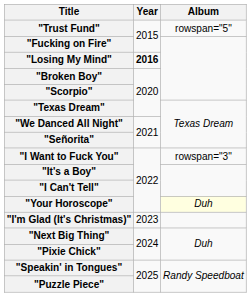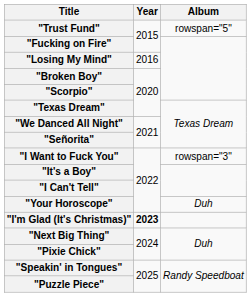 <table class="wikitable plainrowheaders" style="text-align:center;">
 <tr>
 <th scope="col">Title</th>
 <th scope="col">Year</th>
 <th scope="col">Album</th>
 </tr>
 <tr>
 <th scope="row">"Trust Fund"</th>
 <td rowspan="2">2015</td>
 <td>rowspan="5" </td>
 </tr>
 <tr>
 <th scope="row">"Fucking on Fire"</th>
 </tr>
 <tr>
 <th scope="row">"Losing My Mind"</th>
-<td><strong>2016</strong></td>
+<td>2016</td>
 </tr>
 <tr>
 <th scope="row">"Broken Boy"</th>
 <td rowspan="3">2020</td>
 </tr>
 <tr>
 <th scope="row">"Scorpio"</th>
 </tr>
 <tr>
 <th scope="row">"Texas Dream"</th>
 <td rowspan="3"><em>Texas Dream</em></td>
 </tr>
 <tr>
 <th scope="row">"We Danced All Night"</th>
 <td rowspan="2">2021</td>
 </tr>
 <tr>
 <th scope="row">"Señorita"</th>
 </tr>
 <tr>
 <th scope="row">"I Want to Fuck You"</th>
 <td rowspan="4">2022</td>
 <td>rowspan="3" </td>
 </tr>
 <tr>
 <th scope="row">"It's a Boy"</th>
 </tr>
 <tr>
 <th scope="row">"I Can't Tell"</th>
 </tr>
 <tr>
 <th scope="row">"Your Horoscope"</th>
-<td style="background: lightyellow;"><em>Duh</em></td>
+<td><em>Duh</em></td>
 </tr>
 <tr>
 <th scope="row">"I'm Glad (It's Christmas)"</th>
-<td>2023</td>
+<td><strong>2023</strong></td>
 <td></td>
 </tr>
 <tr>
 <th scope="row">"Next Big Thing"</th>
 <td rowspan="2">2024</td>
 <td rowspan="2"><em>Duh</em></td>
 </tr>
 <tr>
 <th scope="row">"Pixie Chick"</th>
 </tr>
 <tr>
 <th scope="row">"Speakin' in Tongues"</th>
 <td rowspan="2">2025</td>
 <td rowspan="2"><em>Randy Speedboat</em></td>
 </tr>
 <tr>
 <th scope="row">"Puzzle Piece"</th>
 </tr>
 </table>
